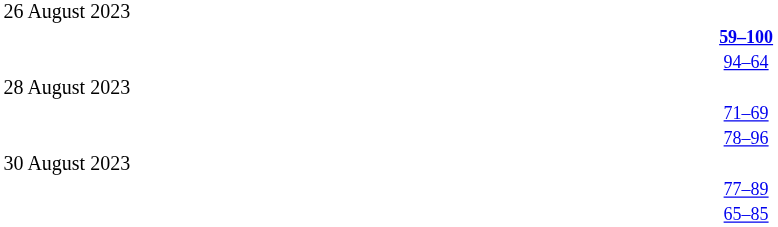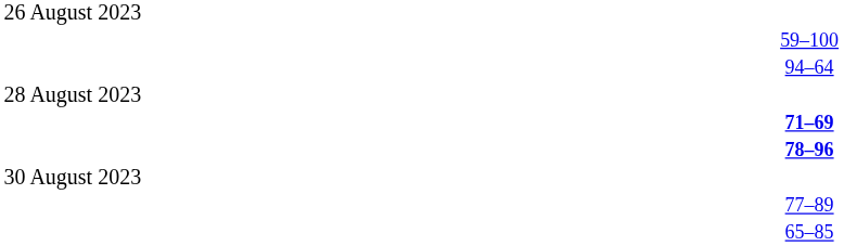 <table style="width:100%;" cellspacing="1">
 <tr>
 <th width=25%></th>
 <th width=2%></th>
 <th width=6%></th>
 <th width=2%></th>
 <th width=25%></th>
 </tr>
 <tr>
 <td>26 August 2023</td>
 </tr>
 <tr style=font-size:90%>
 <td align=right></td>
 <td></td>
-<td align=center><strong><a href='#'>59–100</a></strong></td>
+<td align=center><a href='#'>59–100</a></td>
 <td></td>
 <td></td>
 <td></td>
 </tr>
 <tr style=font-size:90%>
 <td align=right></td>
 <td></td>
 <td align=center><a href='#'>94–64</a></td>
 <td></td>
 <td></td>
 <td></td>
 </tr>
 <tr>
 <td>28 August 2023</td>
 </tr>
 <tr style=font-size:90%>
 <td align=right></td>
 <td></td>
-<td align=center><a href='#'>71–69</a></td>
+<td align=center><strong><a href='#'>71–69</a></strong></td>
 <td></td>
 <td></td>
 <td></td>
 </tr>
 <tr style=font-size:90%>
 <td align=right></td>
 <td></td>
-<td align=center><a href='#'>78–96</a></td>
+<td align=center><strong><a href='#'>78–96</a></strong></td>
 <td></td>
 <td></td>
 <td></td>
 </tr>
 <tr>
 <td>30 August 2023</td>
 </tr>
 <tr style=font-size:90%>
 <td align=right></td>
 <td></td>
 <td align=center><a href='#'>77–89</a></td>
 <td></td>
 <td></td>
 <td></td>
 </tr>
 <tr style=font-size:90%>
 <td align=right></td>
 <td></td>
 <td align=center><a href='#'>65–85</a></td>
 <td></td>
 <td></td>
 <td></td>
 </tr>
 </table>
